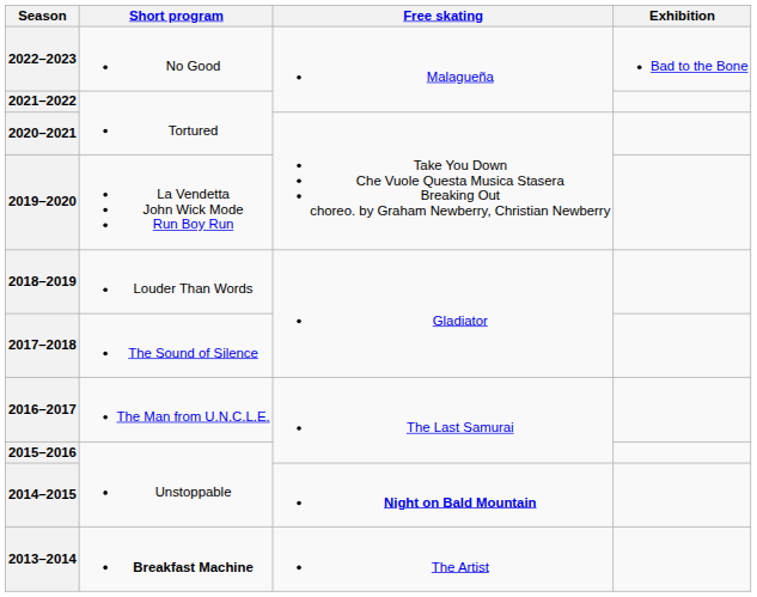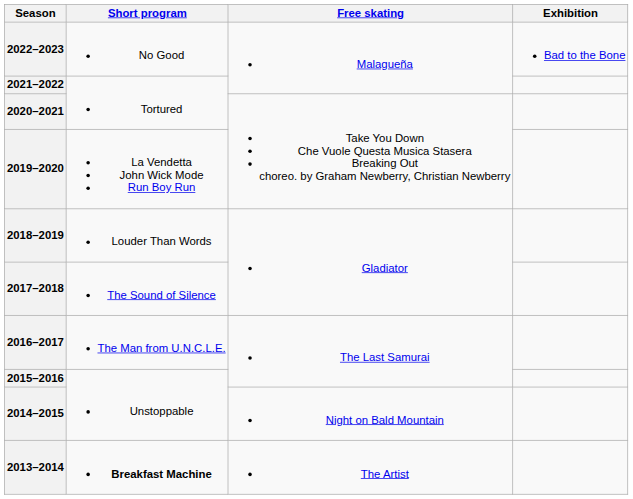 <table class=wikitable style=text-align:center>
 <tr>
 <th>Season</th>
 <th><a href='#'>Short program</a></th>
 <th><a href='#'>Free skating</a></th>
 <th>Exhibition</th>
 </tr>
 <tr>
 <th>2022–2023 <br></th>
 <td><br><ul><li>No Good <br></li></ul></td>
 <td rowspan="2"><br><ul><li><a href='#'>Malagueña</a> <br> </li></ul></td>
 <td><br><ul><li><a href='#'>Bad to the Bone</a><br></li></ul></td>
 </tr>
 <tr>
 <th>2021–2022 <br></th>
 <td rowspan="2"><br><ul><li>Tortured <br></li></ul></td>
 <td></td>
 </tr>
 <tr>
 <th>2020–2021 <br></th>
 <td rowspan="2"><br><ul><li>Take You Down</li><li>Che Vuole Questa Musica Stasera</li><li>Breaking Out <br> choreo. by Graham Newberry, Christian Newberry</li></ul></td>
 <td></td>
 </tr>
 <tr>
 <th>2019–2020 <br></th>
 <td><br><ul><li>La Vendetta</li><li>John Wick Mode</li><li><a href='#'>Run Boy Run</a> <br></li></ul></td>
 <td></td>
 </tr>
 <tr>
 <th>2018–2019 <br></th>
 <td><br><ul><li>Louder Than Words</li></ul></td>
 <td rowspan="2"><br><ul><li><a href='#'>Gladiator</a> <br></li></ul></td>
 <td></td>
 </tr>
 <tr>
 <th>2017–2018 <br></th>
 <td><br><ul><li><a href='#'>The Sound of Silence</a> <br></li></ul></td>
 <td></td>
 </tr>
 <tr>
 <th>2016–2017 <br></th>
 <td><br><ul><li><a href='#'>The Man from U.N.C.L.E.</a></li></ul></td>
 <td rowspan="2"><br><ul><li><a href='#'>The Last Samurai</a> <br></li></ul></td>
 <td></td>
 </tr>
 <tr>
 <th>2015–2016 <br></th>
 <td rowspan="2"><br><ul><li>Unstoppable <br></li></ul></td>
 <td></td>
 </tr>
 <tr>
 <th>2014–2015 <br></th>
-<td><strong><br><ul><li><a href='#'>Night on Bald Mountain</a> <br></li></ul></strong></td>
+<td><br><ul><li><a href='#'>Night on Bald Mountain</a> <br></li></ul></td>
 <td></td>
 </tr>
 <tr>
 <th>2013–2014 <br></th>
 <td><strong><br><ul><li>Breakfast Machine <br></li></ul></strong></td>
 <td><br><ul><li><a href='#'>The Artist</a> <br></li></ul></td>
 <td></td>
 </tr>
 </table>
